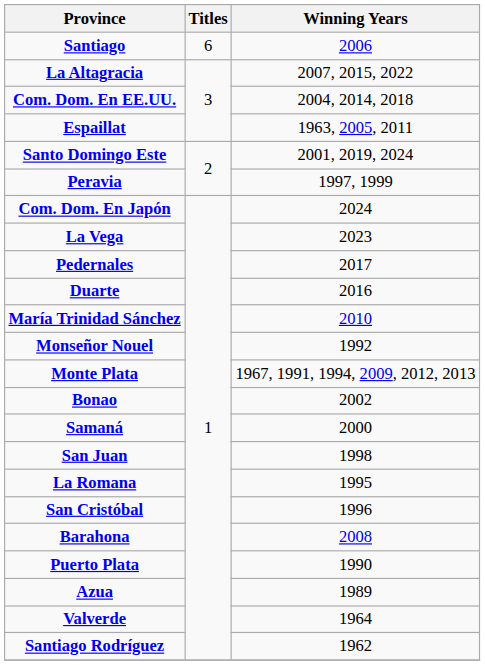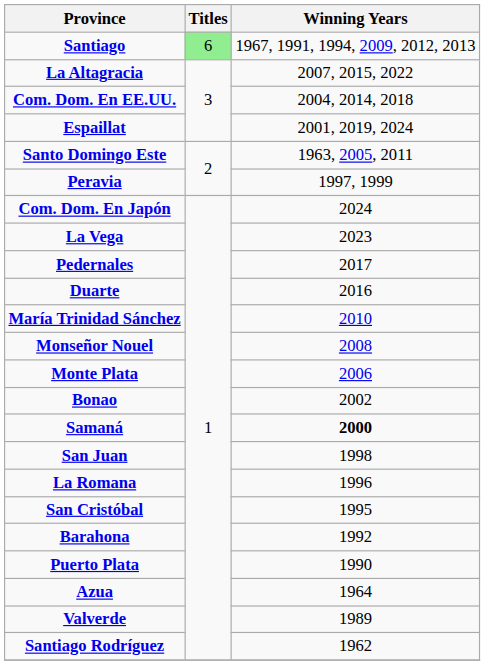 <table class="wikitable " style="font-size: 90%; text-align:center;">
 <tr>
 <th>Province</th>
 <th>Titles</th>
 <th>Winning Years</th>
 </tr>
 <tr>
 <td><strong><a href='#'>Santiago</a></strong></td>
-<td align=center>6</td>
-<td><a href='#'>2006</a></td>
+<td align=center style="background: lightgreen;">6</td>
+<td>1967, 1991, 1994, <a href='#'>2009</a>, 2012, 2013</td>
 </tr>
 <tr>
 <td><strong><a href='#'>La Altagracia</a></strong></td>
 <td rowspan="3" align=center>3</td>
 <td>2007, 2015, 2022</td>
 </tr>
 <tr>
 <td><strong><a href='#'>Com. Dom. En EE.UU.</a> </strong></td>
 <td>2004, 2014, 2018</td>
 </tr>
 <tr>
 <td><strong><a href='#'>Espaillat</a></strong></td>
-<td>1963, <a href='#'>2005</a>, 2011</td>
+<td>2001, 2019, 2024</td>
 </tr>
 <tr>
 <td><strong><a href='#'>Santo Domingo Este</a></strong></td>
 <td rowspan="2" align=center>2</td>
-<td>2001, 2019, 2024</td>
+<td>1963, <a href='#'>2005</a>, 2011</td>
 </tr>
 <tr>
 <td><strong><a href='#'>Peravia</a></strong></td>
 <td>1997, 1999</td>
 </tr>
 <tr>
 <td><strong><a href='#'>Com. Dom. En Japón</a></strong></td>
 <td rowspan="17" align=center>1</td>
 <td>2024</td>
 </tr>
 <tr>
 <td><strong><a href='#'>La Vega</a></strong></td>
 <td>2023</td>
 </tr>
 <tr>
 <td><strong><a href='#'>Pedernales</a></strong></td>
 <td>2017</td>
 </tr>
 <tr>
 <td><strong><a href='#'>Duarte</a></strong></td>
 <td>2016</td>
 </tr>
 <tr>
 <td><strong><a href='#'>María Trinidad Sánchez</a></strong></td>
 <td><a href='#'>2010</a></td>
 </tr>
 <tr>
 <td><strong><a href='#'>Monseñor Nouel</a></strong></td>
-<td>1992</td>
+<td><a href='#'>2008</a></td>
 </tr>
 <tr>
 <td><strong><a href='#'>Monte Plata</a></strong></td>
-<td>1967, 1991, 1994, <a href='#'>2009</a>, 2012, 2013</td>
+<td><a href='#'>2006</a></td>
 </tr>
 <tr>
 <td><strong><a href='#'>Bonao</a></strong></td>
 <td>2002</td>
 </tr>
 <tr>
 <td><strong><a href='#'>Samaná</a></strong></td>
-<td>2000</td>
+<td><strong>2000</strong></td>
 </tr>
 <tr>
 <td><strong><a href='#'>San Juan</a></strong></td>
 <td>1998</td>
 </tr>
 <tr>
 <td><strong><a href='#'>La Romana</a></strong></td>
+<td>1996</td>
+</tr>
+<tr>
+<td><strong><a href='#'>San Cristóbal</a></strong></td>
 <td>1995</td>
 </tr>
 <tr>
-<td><strong><a href='#'>San Cristóbal</a></strong></td>
-<td>1996</td>
-</tr>
-<tr>
 <td><strong><a href='#'>Barahona</a></strong></td>
-<td><a href='#'>2008</a></td>
+<td>1992</td>
 </tr>
 <tr>
 <td><strong><a href='#'>Puerto Plata</a></strong></td>
 <td>1990</td>
 </tr>
 <tr>
 <td><strong><a href='#'>Azua</a></strong></td>
-<td>1989</td>
+<td>1964</td>
 </tr>
 <tr>
 <td><strong><a href='#'>Valverde</a></strong></td>
-<td>1964</td>
+<td>1989</td>
 </tr>
 <tr>
 <td><strong><a href='#'>Santiago Rodríguez</a></strong></td>
 <td>1962</td>
 </tr>
 <tr>
 </tr>
 </table>
